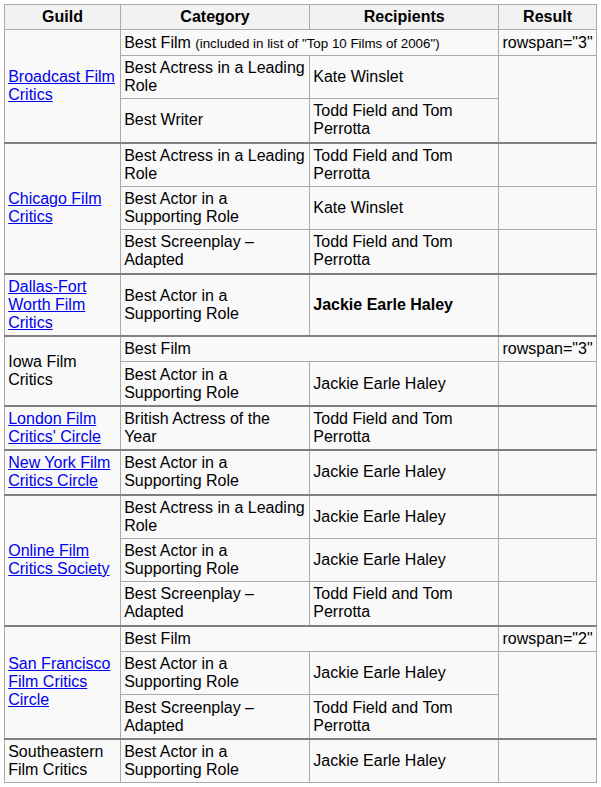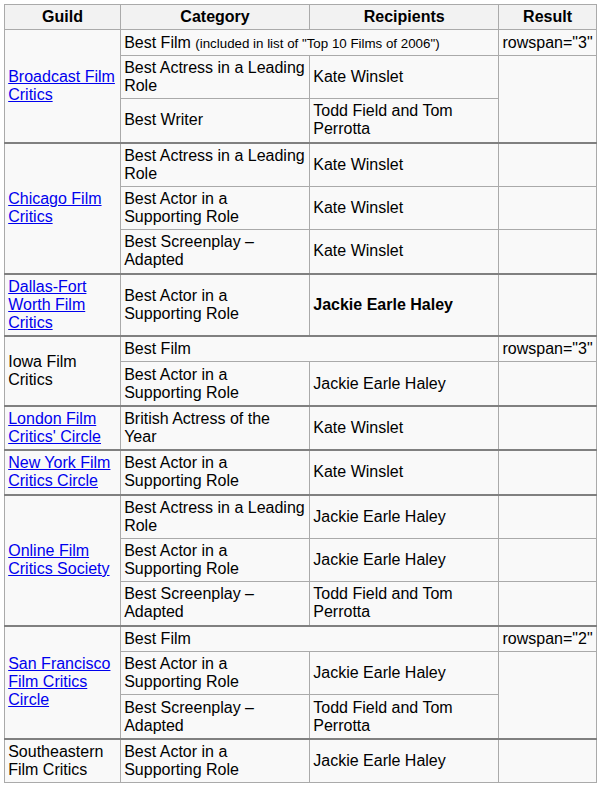 <table class="wikitable" width="95%" cellpadding="5">
 <tr>
 <th width="20%">Guild</th>
 <th width="35%">Category</th>
 <th width="35%">Recipients</th>
 <th width="10%">Result</th>
 </tr>
 <tr>
 <td rowspan="3"><a href='#'>Broadcast Film Critics</a></td>
 <td colspan="2">Best Film <small>(included in list of "Top 10 Films of 2006")</small></td>
 <td>rowspan="3" </td>
 </tr>
 <tr>
 <td>Best Actress in a Leading Role</td>
 <td>Kate Winslet</td>
 </tr>
 <tr>
 <td>Best Writer</td>
 <td>Todd Field and Tom Perrotta</td>
 </tr>
 <tr style="border-top:2px solid gray;">
 <td rowspan="3"><a href='#'>Chicago Film Critics</a></td>
 <td>Best Actress in a Leading Role</td>
-<td>Todd Field and Tom Perrotta</td>
+<td>Kate Winslet</td>
 <td></td>
 </tr>
 <tr>
 <td>Best Actor in a Supporting Role</td>
 <td>Kate Winslet</td>
 <td></td>
 </tr>
 <tr>
 <td>Best Screenplay – Adapted</td>
-<td>Todd Field and Tom Perrotta</td>
+<td>Kate Winslet</td>
 <td></td>
 </tr>
 <tr style="border-top:2px solid gray;">
 <td><a href='#'>Dallas-Fort Worth Film Critics</a></td>
 <td>Best Actor in a Supporting Role</td>
 <td><strong>Jackie Earle Haley</strong></td>
 <td></td>
 </tr>
 <tr style="border-top:2px solid gray;">
 <td rowspan="2">Iowa Film Critics</td>
 <td colspan="2">Best Film</td>
 <td>rowspan="3" </td>
 </tr>
 <tr>
 <td>Best Actor in a Supporting Role</td>
 <td>Jackie Earle Haley</td>
 </tr>
 <tr style="border-top:2px solid gray;">
 <td><a href='#'>London Film Critics' Circle</a></td>
 <td>British Actress of the Year</td>
-<td>Todd Field and Tom Perrotta</td>
+<td>Kate Winslet</td>
 <td></td>
 </tr>
 <tr style="border-top:2px solid gray;">
 <td><a href='#'>New York Film Critics Circle</a></td>
 <td>Best Actor in a Supporting Role</td>
-<td>Jackie Earle Haley</td>
+<td>Kate Winslet</td>
 <td></td>
 </tr>
 <tr style="border-top:2px solid gray;">
 <td rowspan="3"><a href='#'>Online Film Critics Society</a></td>
 <td>Best Actress in a Leading Role</td>
 <td>Jackie Earle Haley</td>
 <td></td>
 </tr>
 <tr>
 <td>Best Actor in a Supporting Role</td>
 <td>Jackie Earle Haley</td>
 <td></td>
 </tr>
 <tr>
 <td>Best Screenplay – Adapted</td>
 <td>Todd Field and Tom Perrotta</td>
 <td></td>
 </tr>
 <tr style="border-top:2px solid gray;">
 <td rowspan="3"><a href='#'>San Francisco Film Critics Circle</a></td>
 <td colspan="2">Best Film</td>
 <td>rowspan="2" </td>
 </tr>
 <tr>
 <td>Best Actor in a Supporting Role</td>
 <td>Jackie Earle Haley</td>
 </tr>
 <tr>
 <td>Best Screenplay – Adapted</td>
 <td>Todd Field and Tom Perrotta</td>
 </tr>
 <tr style="border-top:2px solid gray;">
 <td>Southeastern Film Critics</td>
 <td>Best Actor in a Supporting Role</td>
 <td>Jackie Earle Haley</td>
 <td></td>
 </tr>
 </table>
